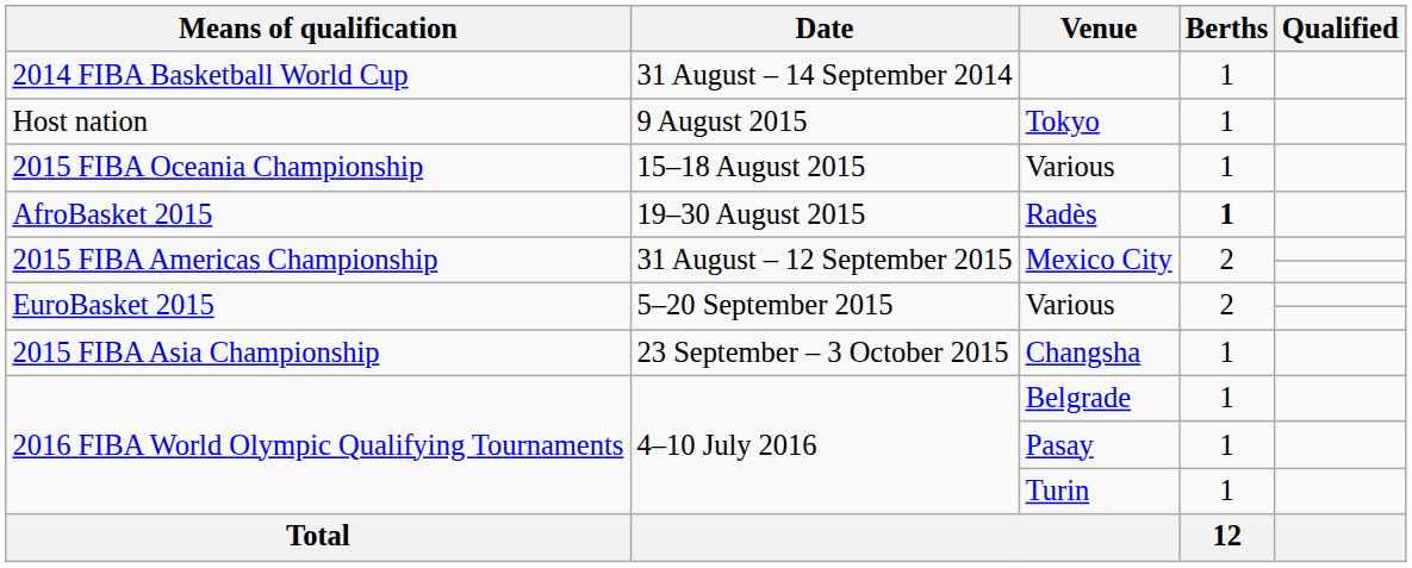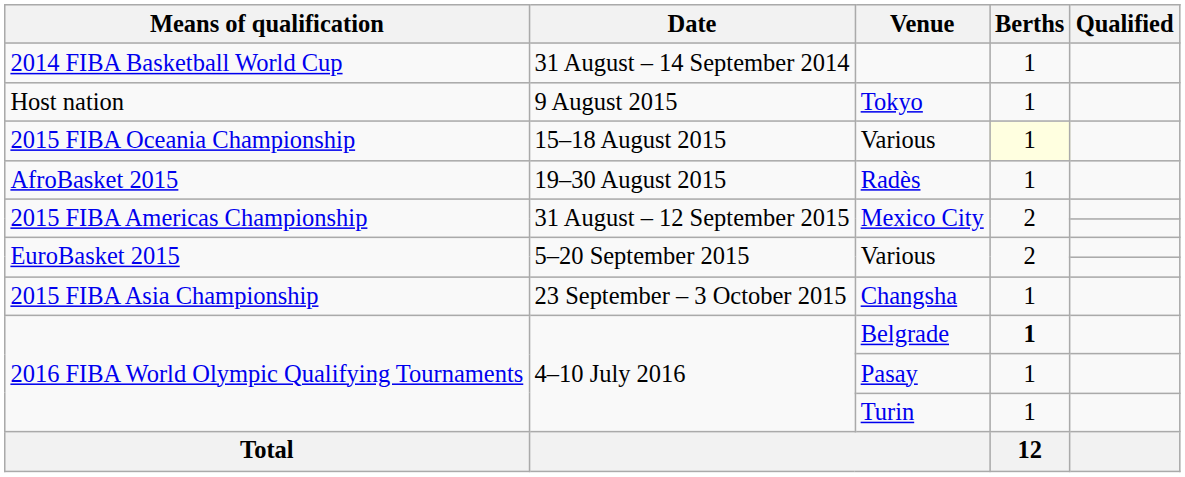 <table class="wikitable">
 <tr>
 <th>Means of qualification</th>
 <th>Date</th>
 <th>Venue</th>
 <th>Berths</th>
 <th>Qualified</th>
 </tr>
 <tr>
 <td><a href='#'>2014 FIBA Basketball World Cup</a></td>
 <td>31 August – 14 September 2014</td>
 <td></td>
 <td style="text-align:center;">1</td>
 <td></td>
 </tr>
 <tr>
 <td>Host nation</td>
 <td>9 August 2015</td>
 <td> <a href='#'>Tokyo</a></td>
 <td style="text-align:center;">1</td>
 <td></td>
 </tr>
 <tr>
 <td><a href='#'>2015 FIBA Oceania Championship</a></td>
 <td>15–18 August 2015</td>
 <td>Various</td>
-<td style="text-align:center;">1</td>
+<td style="background: lightyellow; text-align:center;">1</td>
 <td></td>
 </tr>
 <tr>
 <td><a href='#'>AfroBasket 2015</a></td>
 <td>19–30 August 2015</td>
 <td> <a href='#'>Radès</a></td>
-<td style="text-align:center;"><strong>1</strong></td>
+<td style="text-align:center;">1</td>
 <td></td>
 </tr>
 <tr>
 <td rowspan="2"><a href='#'>2015 FIBA Americas Championship</a></td>
 <td rowspan="2">31 August – 12 September 2015</td>
 <td rowspan="2"> <a href='#'>Mexico City</a></td>
 <td rowspan="2" style="text-align:center;">2</td>
 <td></td>
 </tr>
 <tr>
 <td></td>
 </tr>
 <tr>
 <td rowspan="2"><a href='#'>EuroBasket 2015</a></td>
 <td rowspan="2">5–20 September 2015</td>
 <td rowspan="2">Various</td>
 <td rowspan="2" style="text-align:center;">2</td>
 <td></td>
 </tr>
 <tr>
 <td></td>
 </tr>
 <tr>
 <td><a href='#'>2015 FIBA Asia Championship</a></td>
 <td>23 September – 3 October 2015</td>
 <td> <a href='#'>Changsha</a></td>
 <td style="text-align:center;">1</td>
 <td></td>
 </tr>
 <tr>
 <td rowspan="3"><a href='#'>2016 FIBA World Olympic Qualifying Tournaments</a></td>
 <td rowspan="3">4–10 July 2016</td>
 <td> <a href='#'>Belgrade</a></td>
-<td style="text-align:center;">1</td>
+<td style="text-align:center;"><strong>1</strong></td>
 <td></td>
 </tr>
 <tr>
 <td> <a href='#'>Pasay</a></td>
 <td style="text-align:center;">1</td>
 <td></td>
 </tr>
 <tr>
 <td> <a href='#'>Turin</a></td>
 <td style="text-align:center;">1</td>
 <td></td>
 </tr>
 <tr>
 <th>Total</th>
 <th colspan="2"></th>
 <th>12</th>
 <th></th>
 </tr>
 </table>
